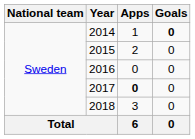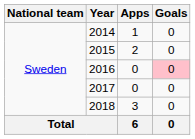 <table class="wikitable" style="text-align:center">
 <tr>
 <th>National team</th>
 <th>Year</th>
 <th>Apps</th>
 <th>Goals</th>
 </tr>
 <tr>
 <td rowspan="5"><a href='#'>Sweden</a></td>
 <td>2014</td>
 <td>1</td>
-<td><strong>0</strong></td>
+<td>0</td>
 </tr>
 <tr>
 <td>2015</td>
 <td>2</td>
 <td>0</td>
 </tr>
 <tr>
 <td>2016</td>
 <td>0</td>
-<td>0</td>
+<td style="background: pink;">0</td>
 </tr>
 <tr>
 <td>2017</td>
-<td><strong>0</strong></td>
+<td>0</td>
 <td>0</td>
 </tr>
 <tr>
 <td>2018</td>
 <td>3</td>
 <td>0</td>
 </tr>
 <tr>
 <th colspan="2">Total</th>
 <th>6</th>
 <th>0</th>
 </tr>
 </table>
